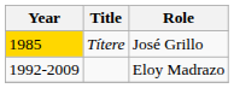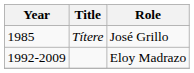 <table class="wikitable">
 <tr>
 <th>Year</th>
 <th>Title</th>
 <th>Role</th>
 </tr>
 <tr>
-<td style="background: gold;">1985</td>
+<td>1985</td>
 <td><em>Títere</em></td>
 <td>José Grillo</td>
 </tr>
 <tr>
 <td>1992-2009</td>
 <td></td>
 <td>Eloy Madrazo</td>
 </tr>
 <tr>
 </tr>
 </table>
